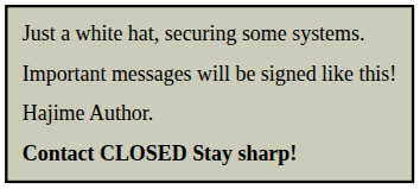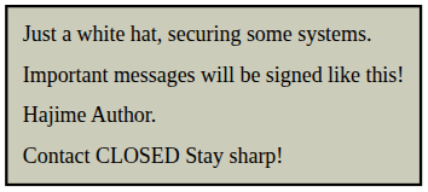 <table cellpadding="1" cellspacing="10" style="text-align:left; margin:10px; border:2px solid; background:#CCCCBB;">
 <tr>
 <td>Just a white hat, securing some systems.</td>
 </tr>
 <tr>
 <td>Important messages will be signed like this!</td>
 </tr>
 <tr>
 <td>Hajime Author.</td>
 </tr>
 <tr>
-<td><strong>Contact CLOSED Stay sharp!</strong></td>
+<td>Contact CLOSED Stay sharp!</td>
 </tr>
 </table>
